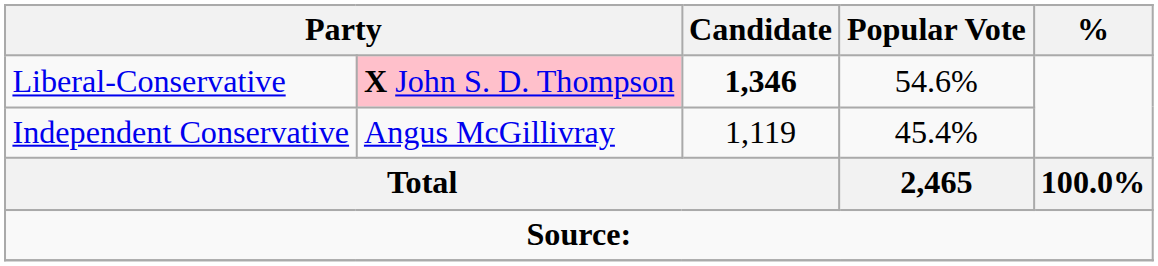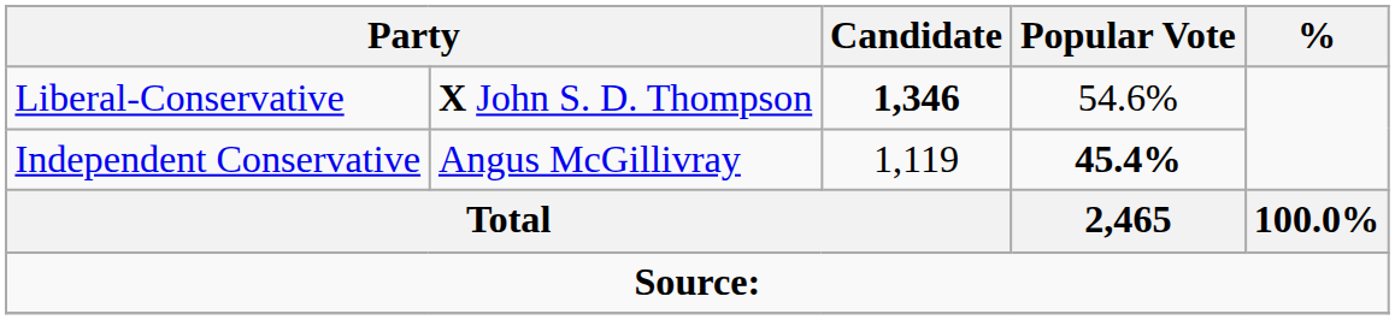 <table class="wikitable">
 <tr>
 <th colspan="2">Party</th>
 <th>Candidate</th>
 <th>Popular Vote</th>
 <th>%</th>
 </tr>
 <tr>
 <td><a href='#'>Liberal-Conservative</a></td>
-<td style="background: pink;"> <strong>X</strong> <a href='#'>John S. D. Thompson</a></td>
+<td> <strong>X</strong> <a href='#'>John S. D. Thompson</a></td>
 <td align=center><strong>1,346</strong></td>
 <td align=center>54.6%</td>
 </tr>
 <tr>
 <td><a href='#'>Independent Conservative</a></td>
 <td><a href='#'>Angus McGillivray</a></td>
 <td align=center>1,119</td>
-<td align=center>45.4%</td>
+<td align=center><strong>45.4%</strong></td>
 </tr>
 <tr>
 <th colspan=3 align=center>Total</th>
 <th align=right>2,465</th>
 <th align=right>100.0%</th>
 </tr>
 <tr>
 <td align="center" colspan=5><strong>Source:</strong> </td>
 </tr>
 <tr>
 </tr>
 </table>
